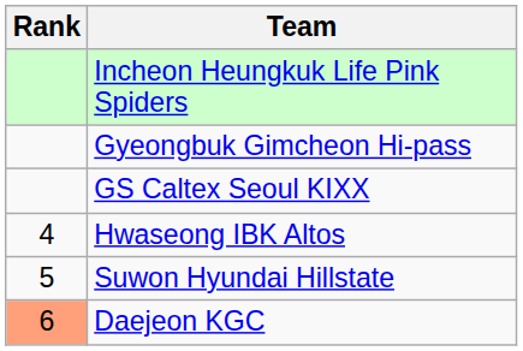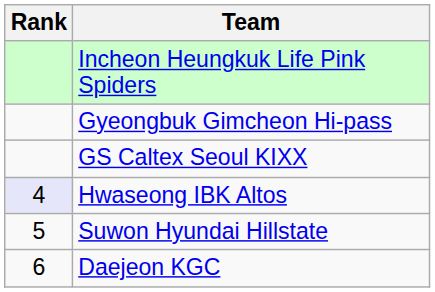 <table class="wikitable" style="text-align: center;">
 <tr>
 <th width=40>Rank</th>
 <th width=240>Team</th>
 </tr>
 <tr bgcolor=#ccffcc>
 <td></td>
 <td align=left><a href='#'>Incheon Heungkuk Life Pink Spiders</a></td>
 </tr>
 <tr>
 <td></td>
 <td align=left><a href='#'>Gyeongbuk Gimcheon Hi-pass</a></td>
 </tr>
 <tr>
 <td></td>
 <td align=left><a href='#'>GS Caltex Seoul KIXX</a></td>
 </tr>
 <tr>
-<td>4</td>
+<td style="background: lavender;">4</td>
 <td align=left><a href='#'>Hwaseong IBK Altos</a></td>
 </tr>
 <tr>
 <td>5</td>
 <td align=left><a href='#'>Suwon Hyundai Hillstate</a></td>
 </tr>
 <tr>
-<td style="background: lightsalmon;">6</td>
+<td>6</td>
 <td align=left><a href='#'>Daejeon KGC</a></td>
 </tr>
 </table>
